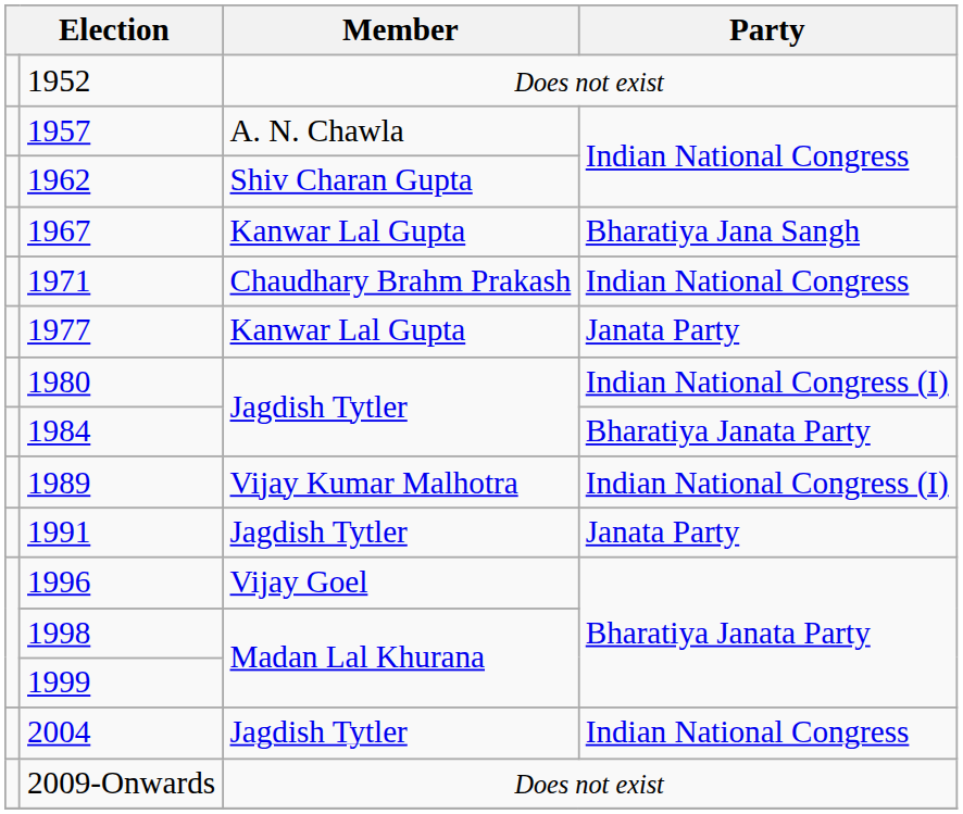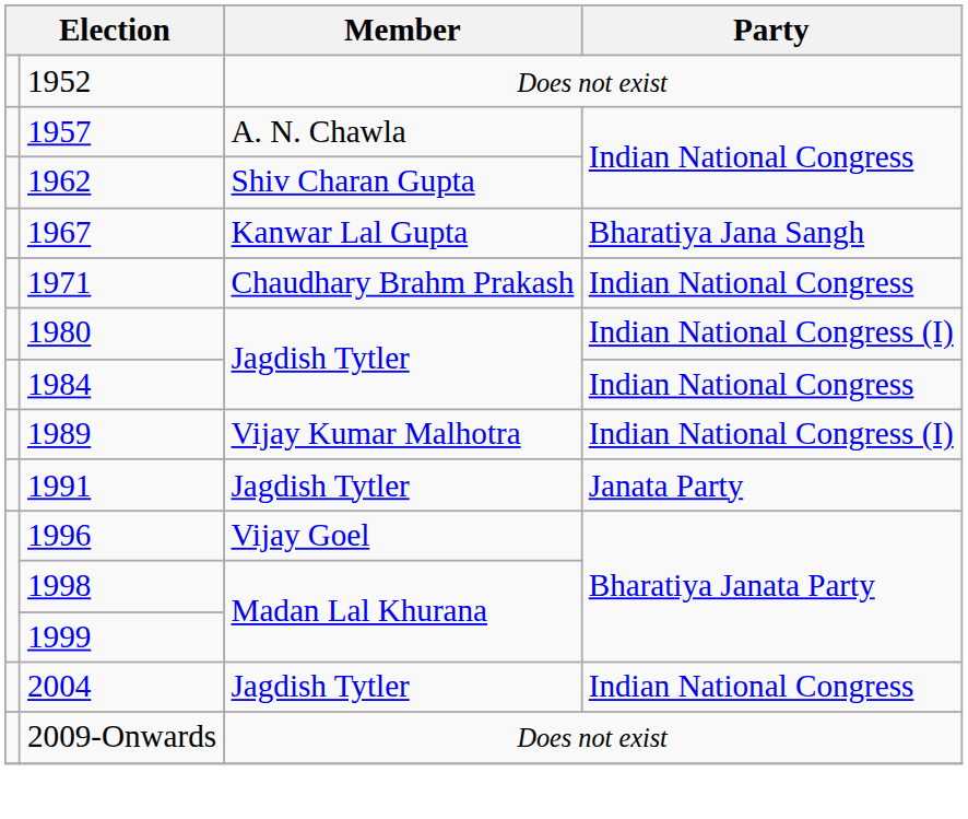 <table class="wikitable">
 <tr>
 <th colspan="2">Election</th>
 <th>Member</th>
 <th>Party</th>
 </tr>
 <tr>
 <td style="background-color:"></td>
 <td>1952</td>
 <td colspan=2 align=center><small><em>Does not exist</em></small></td>
 </tr>
 <tr>
 <td style="background-color: "></td>
 <td><a href='#'>1957</a></td>
 <td>A. N. Chawla</td>
 <td rowspan=2><a href='#'>Indian National Congress</a></td>
 </tr>
 <tr>
 <td style="background-color: "></td>
 <td><a href='#'>1962</a></td>
 <td><a href='#'>Shiv Charan Gupta</a></td>
 </tr>
 <tr>
 <td style="background-color: "></td>
 <td><a href='#'>1967</a></td>
 <td><a href='#'>Kanwar Lal Gupta</a></td>
 <td><a href='#'>Bharatiya Jana Sangh</a></td>
 </tr>
 <tr>
 <td style="background-color: "></td>
 <td><a href='#'>1971</a></td>
 <td><a href='#'>Chaudhary Brahm Prakash</a></td>
 <td><a href='#'>Indian National Congress</a></td>
 </tr>
 <tr>
 <td style="background-color: "></td>
-<td><a href='#'>1977</a></td>
-<td><a href='#'>Kanwar Lal Gupta</a></td>
-<td><a href='#'>Janata Party</a></td>
-</tr>
-<tr>
-<td style="background-color: "></td>
 <td><a href='#'>1980</a></td>
 <td rowspan=2><a href='#'>Jagdish Tytler</a></td>
 <td><a href='#'>Indian National Congress (I)</a></td>
 </tr>
 <tr>
 <td style="background-color: "></td>
 <td><a href='#'>1984</a></td>
-<td><a href='#'>Bharatiya Janata Party</a></td>
+<td><a href='#'>Indian National Congress</a></td>
 </tr>
 <tr>
 <td style="background-color: "></td>
 <td><a href='#'>1989</a></td>
 <td><a href='#'>Vijay Kumar Malhotra</a></td>
 <td><a href='#'>Indian National Congress (I)</a></td>
 </tr>
 <tr>
 <td style="background-color: "></td>
 <td><a href='#'>1991</a></td>
 <td><a href='#'>Jagdish Tytler</a></td>
 <td><a href='#'>Janata Party</a></td>
 </tr>
 <tr>
 <td rowspan=3 style="background-color: "></td>
 <td><a href='#'>1996</a></td>
 <td><a href='#'>Vijay Goel</a></td>
 <td rowspan="3"><a href='#'>Bharatiya Janata Party</a></td>
 </tr>
 <tr>
 <td><a href='#'>1998</a></td>
 <td rowspan="2"><a href='#'>Madan Lal Khurana</a></td>
 </tr>
 <tr>
 <td><a href='#'>1999</a></td>
 </tr>
 <tr>
 <td style="background-color: "></td>
 <td><a href='#'>2004</a></td>
 <td><a href='#'>Jagdish Tytler</a></td>
 <td><a href='#'>Indian National Congress</a></td>
 </tr>
 <tr>
 <td style="background-color:"></td>
 <td>2009-Onwards</td>
 <td colspan=2 align=center><small><em>Does not exist</em></small></td>
 </tr>
 <tr>
 </tr>
 </table>
